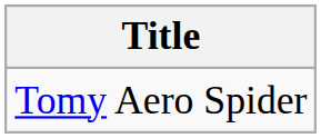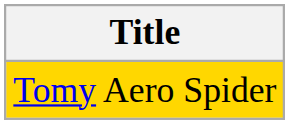 <table class="wikitable">
 <tr>
 <th>Title</th>
 </tr>
 <tr>
-<td><a href='#'>Tomy</a> Aero Spider</td>
+<td style="background: gold;"><a href='#'>Tomy</a> Aero Spider</td>
 </tr>
 </table>
